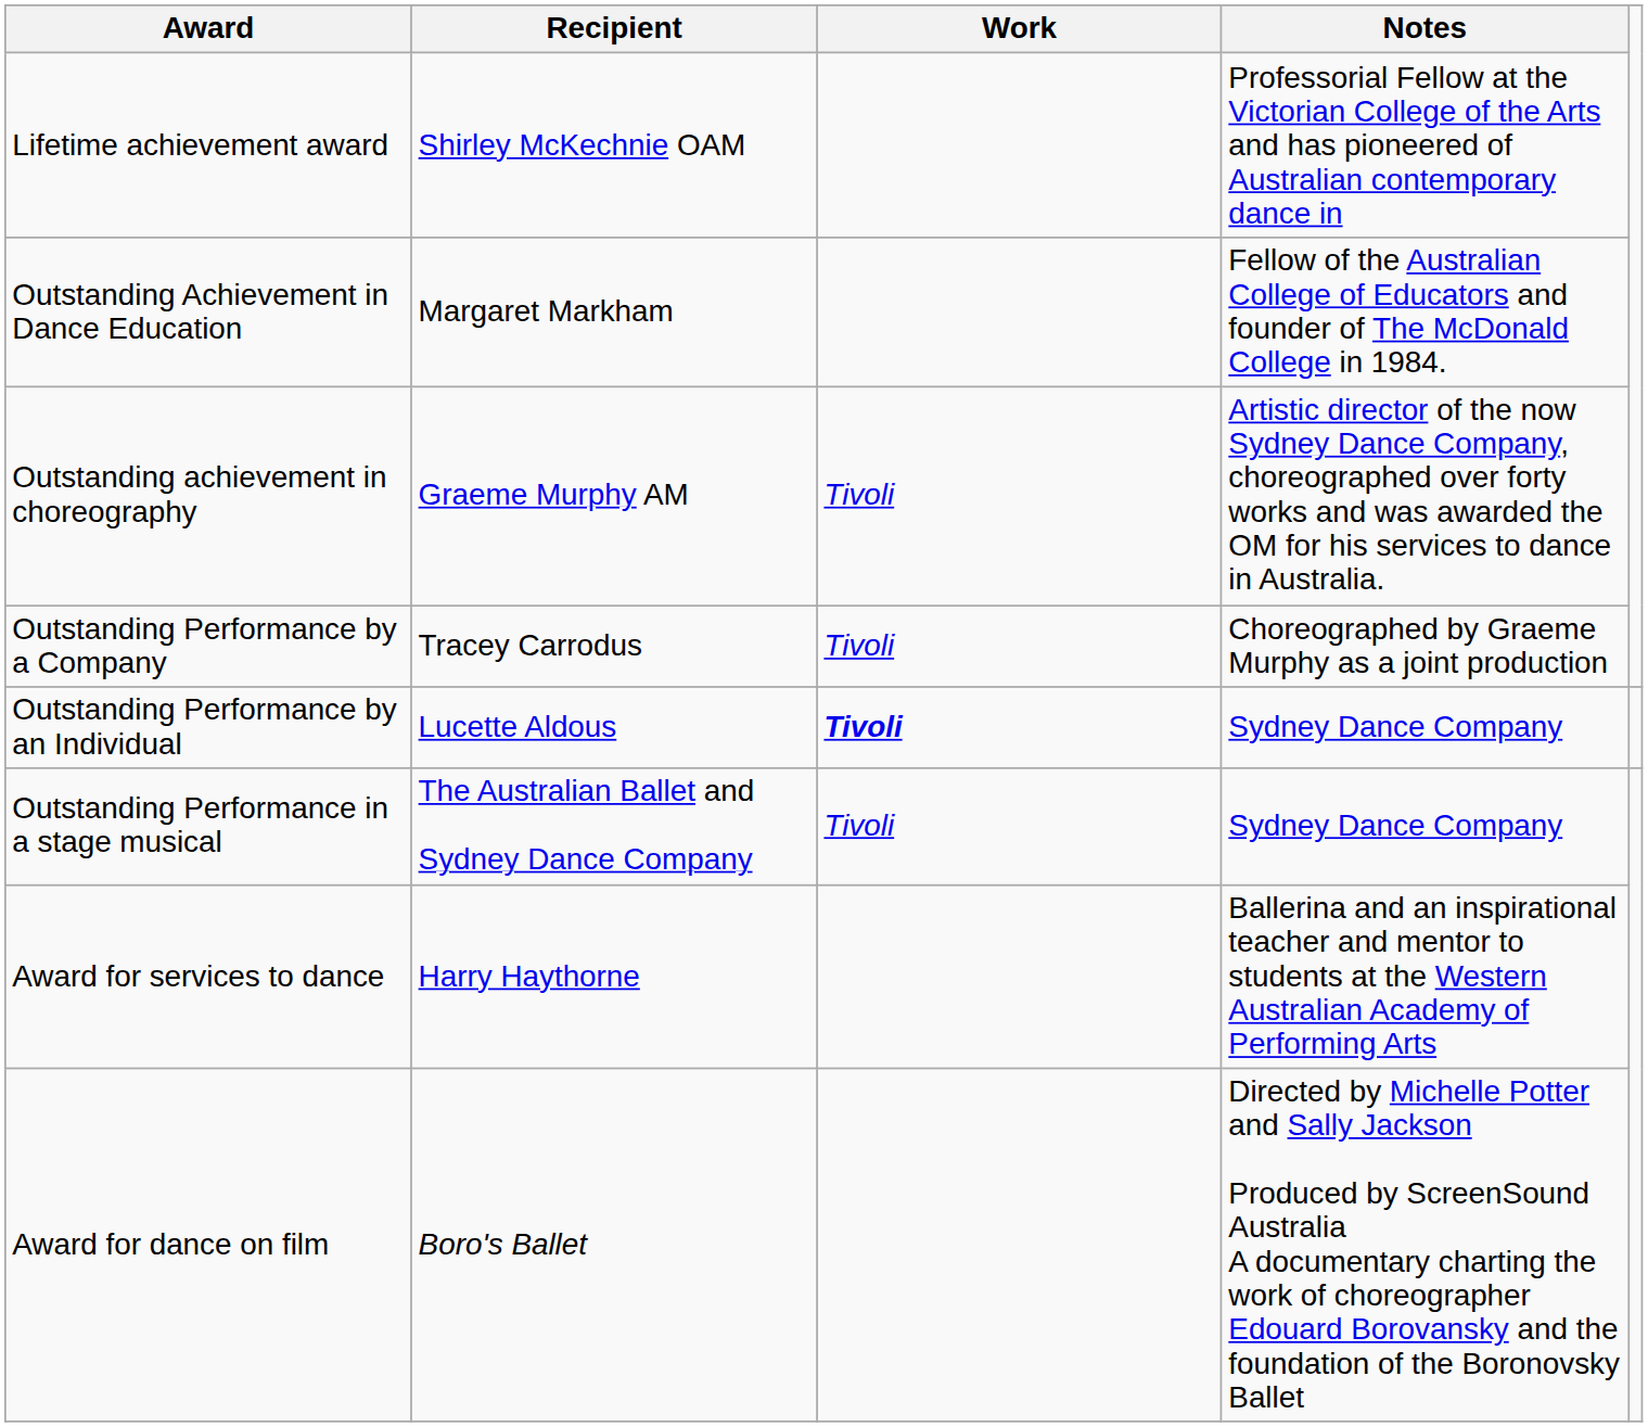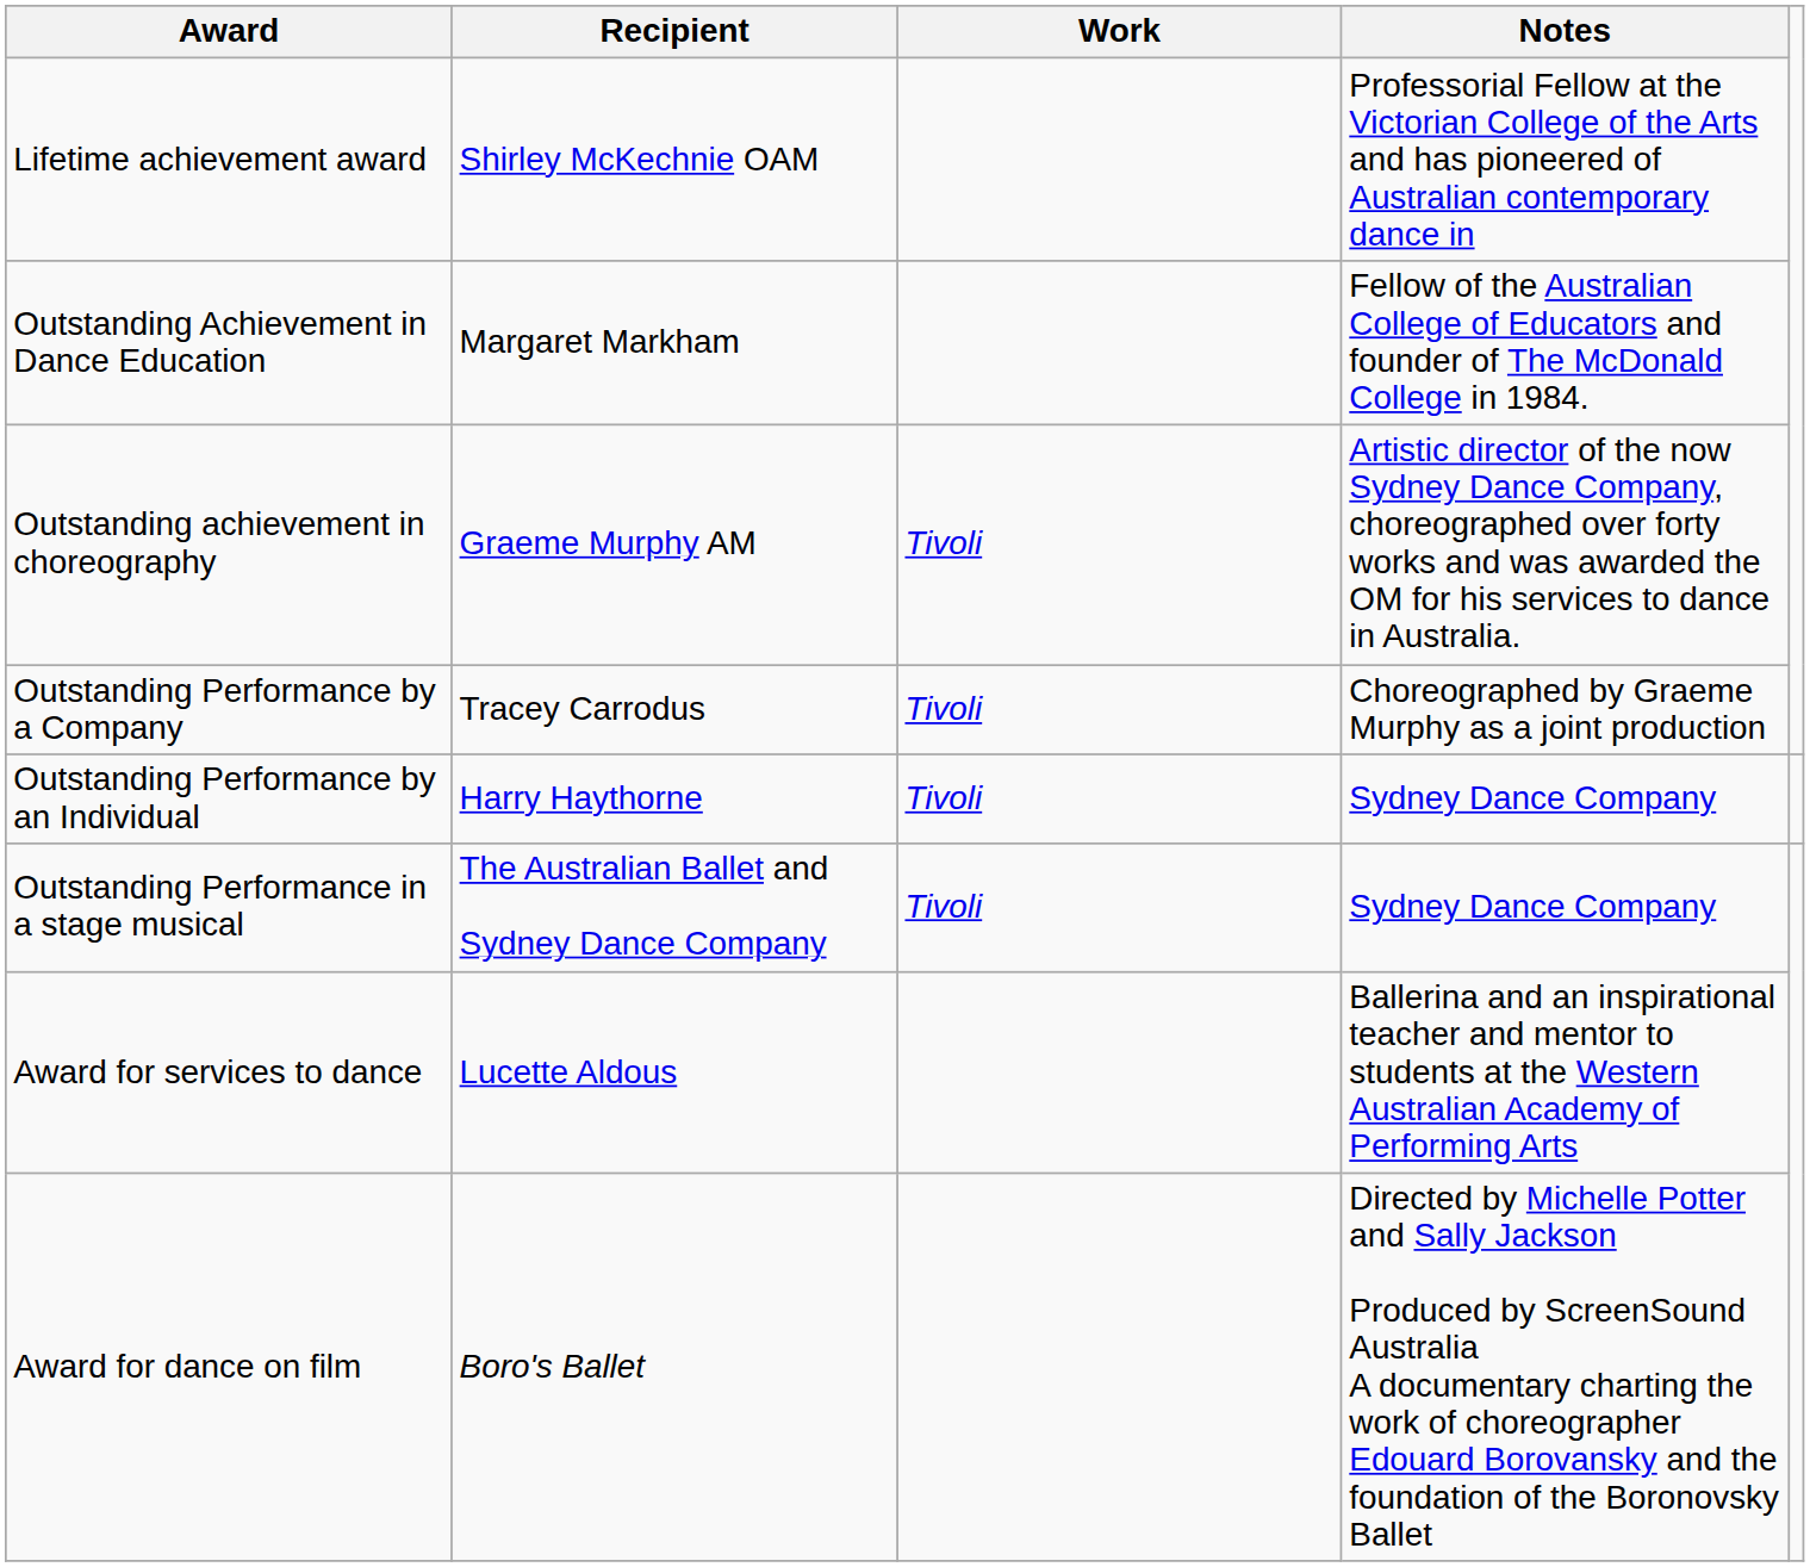 <table class="wikitable">
 <tr>
 <th width="25%">Award</th>
 <th width="25%">Recipient</th>
 <th width="25%">Work</th>
 <th width="25%">Notes</th>
 </tr>
 <tr>
 <td>Lifetime achievement award</td>
 <td><a href='#'>Shirley McKechnie</a> OAM</td>
 <td></td>
 <td>Professorial Fellow at the <a href='#'>Victorian College of the Arts</a> and has pioneered of <a href='#'>Australian contemporary dance in</a></td>
 </tr>
 <tr>
 <td>Outstanding Achievement in Dance Education</td>
 <td>Margaret Markham</td>
 <td></td>
 <td>Fellow of the <a href='#'>Australian College of Educators</a> and founder of <a href='#'>The McDonald College</a> in 1984.</td>
 </tr>
 <tr>
 <td>Outstanding achievement in choreography</td>
 <td><a href='#'>Graeme Murphy</a> AM</td>
 <td><a href='#'><em>Tivoli</em></a></td>
 <td><a href='#'>Artistic director</a> of the now <a href='#'>Sydney Dance Company</a>, choreographed over forty works and was awarded the OM for his services to dance in Australia.</td>
 </tr>
 <tr>
 <td>Outstanding Performance by a Company</td>
 <td>Tracey Carrodus</td>
 <td><a href='#'><em>Tivoli</em></a></td>
 <td>Choreographed by Graeme Murphy as a joint production</td>
 </tr>
 <tr>
 <td>Outstanding Performance by an Individual</td>
-<td><a href='#'>Lucette Aldous</a></td>
-<td><strong><em><a href='#'>Tivoli</a></em></strong></td>
+<td><a href='#'>Harry Haythorne</a></td>
+<td><em><a href='#'>Tivoli</a></em></td>
 <td><a href='#'>Sydney Dance Company</a></td>
 <td></td>
 </tr>
 <tr>
 <td>Outstanding Performance in a stage musical</td>
 <td><a href='#'>The Australian Ballet</a> and <br><br><a href='#'>Sydney Dance Company</a></td>
 <td><em><a href='#'>Tivoli</a></em></td>
 <td><a href='#'>Sydney Dance Company</a></td>
 </tr>
 <tr>
 <td>Award for services to dance</td>
-<td><a href='#'>Harry Haythorne</a></td>
+<td><a href='#'>Lucette Aldous</a></td>
 <td></td>
 <td>Ballerina and an inspirational teacher and mentor to students at the <a href='#'>Western Australian Academy of Performing Arts</a></td>
 </tr>
 <tr>
 <td>Award for dance on film</td>
 <td><em>Boro's Ballet</em></td>
 <td></td>
 <td>Directed by <a href='#'>Michelle Potter</a> and <a href='#'>Sally Jackson</a><br><br>Produced by ScreenSound Australia<br> A documentary charting the work of choreographer <a href='#'>Edouard Borovansky</a> and the foundation of the Boronovsky Ballet</td>
 </tr>
 </table>
